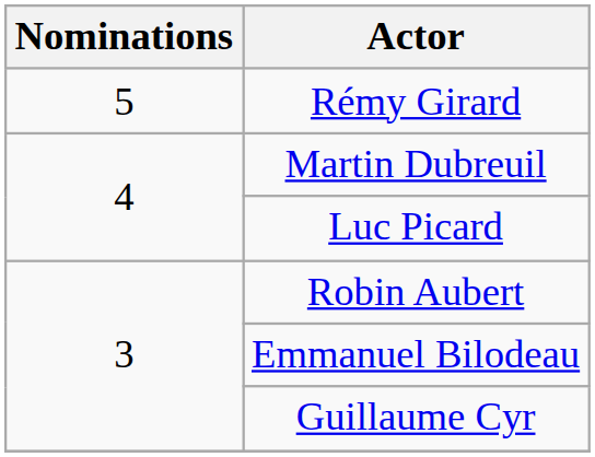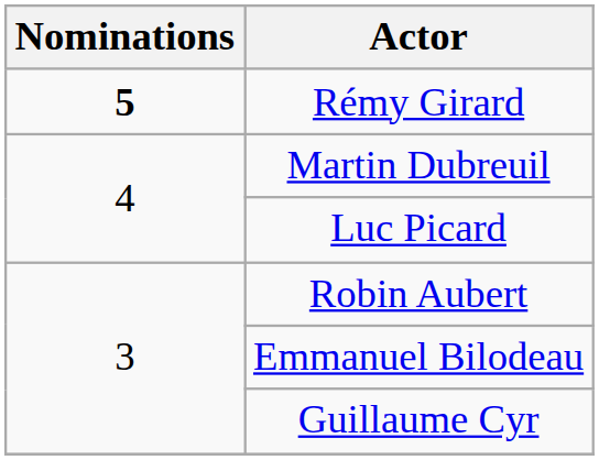 <table class="wikitable" style="text-align:center;">
 <tr>
 <th scope="col" width="6">Nominations</th>
 <th scope="col" align="center">Actor</th>
 </tr>
 <tr>
-<td rowspan="1" style="text-align:center;">5</td>
+<td rowspan="1" style="text-align:center;"><strong>5</strong></td>
 <td><a href='#'>Rémy Girard</a></td>
 </tr>
 <tr>
 <td rowspan="2" style="text-align:center;">4</td>
 <td><a href='#'>Martin Dubreuil</a></td>
 </tr>
 <tr>
 <td><a href='#'>Luc Picard</a></td>
 </tr>
 <tr>
 <td rowspan="3" style="text-align:center;">3</td>
 <td><a href='#'>Robin Aubert</a></td>
 </tr>
 <tr>
 <td><a href='#'>Emmanuel Bilodeau</a></td>
 </tr>
 <tr>
 <td><a href='#'>Guillaume Cyr</a></td>
 </tr>
 <tr>
 </tr>
 </table>
